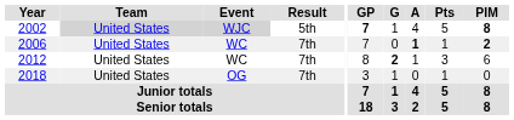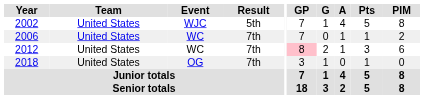 <table border="0" cellpadding="1" cellspacing="0" ID="Table3" style="text-align:center; width:40em;">
 <tr bgcolor="#e0e0e0">
 <th>Year</th>
 <th>Team</th>
 <th>Event</th>
 <th>Result</th>
 <th rowspan="99" bgcolor="#ffffff"></th>
 <th>GP</th>
 <th>G</th>
 <th>A</th>
 <th>Pts</th>
 <th>PIM</th>
 </tr>
 <tr>
 <td><a href='#'>2002</a></td>
-<td style="background: lightgrey;"><a href='#'>United States</a></td>
-<td style="background: lightgrey;"><a href='#'>WJC</a></td>
+<td><a href='#'>United States</a></td>
+<td><a href='#'>WJC</a></td>
 <td>5th</td>
-<td><strong>7</strong></td>
+<td>7</td>
 <td>1</td>
 <td>4</td>
 <td>5</td>
-<td><strong>8</strong></td>
+<td>8</td>
 </tr>
 <tr bgcolor="#f0f0f0">
 <td><a href='#'>2006</a></td>
 <td><a href='#'>United States</a></td>
 <td><a href='#'>WC</a></td>
 <td>7th</td>
 <td>7</td>
 <td>0</td>
-<td><strong>1</strong></td>
 <td>1</td>
-<td><strong>2</strong></td>
+<td>1</td>
+<td>2</td>
 </tr>
 <tr>
 <td><a href='#'>2012</a></td>
 <td>United States</td>
 <td>WC</td>
 <td>7th</td>
-<td>8</td>
-<td><strong>2</strong></td>
+<td style="background: pink;">8</td>
+<td>2</td>
 <td>1</td>
 <td>3</td>
 <td>6</td>
 </tr>
 <tr bgcolor="#f0f0f0">
 <td><a href='#'>2018</a></td>
 <td>United States</td>
 <td><a href='#'>OG</a></td>
 <td>7th</td>
 <td>3</td>
 <td>1</td>
 <td>0</td>
 <td>1</td>
 <td>0</td>
 </tr>
 <tr bgcolor="#e0e0e0">
 <th colspan="4">Junior totals</th>
 <th>7</th>
 <th>1</th>
 <th>4</th>
 <th>5</th>
 <th>8</th>
 </tr>
 <tr bgcolor="#e0e0e0">
 <th colspan="4">Senior totals</th>
 <th>18</th>
 <th>3</th>
 <th>2</th>
 <th>5</th>
 <th>8</th>
 </tr>
 </table>
